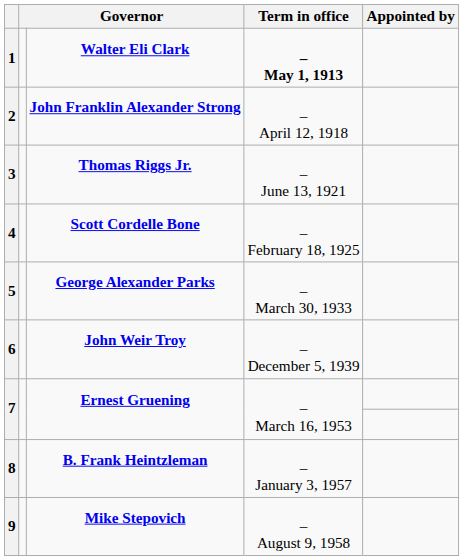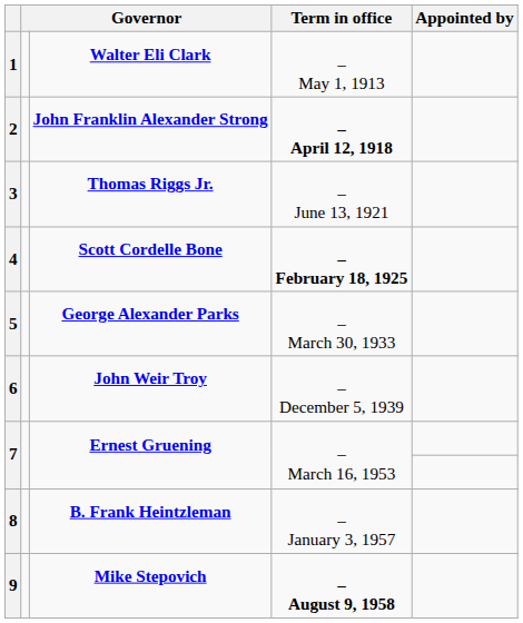 <table class="wikitable sortable mw-collapsible sticky-header-multi" style="text-align:center;">
 <tr>
 <th scope="col" data-sort-type="number"></th>
 <th scope="colgroup" colspan="2">Governor</th>
 <th scope="col">Term in office</th>
 <th scope="col">Appointed by</th>
 </tr>
 <tr style="height:2em;">
 <th scope="row">1</th>
 <td data-sort-value="Clark, Walter"></td>
 <td><strong><a href='#'>Walter Eli Clark</a></strong><br><br></td>
-<td><strong><br>–<br>May 1, 1913<br></strong></td>
+<td><br>–<br>May 1, 1913<br></td>
 <td></td>
 </tr>
 <tr style="height:2em;">
 <th scope="row">2</th>
 <td data-sort-value="Strong, John"></td>
 <td><strong><a href='#'>John Franklin Alexander Strong</a></strong><br><br></td>
-<td><br>–<br>April 12, 1918<br></td>
+<td><strong><br>–<br>April 12, 1918<br></strong></td>
 <td></td>
 </tr>
 <tr style="height:2em;">
 <th scope="row">3</th>
 <td data-sort-value="Riggs, Thomas"></td>
 <td><strong><a href='#'>Thomas Riggs Jr.</a></strong><br><br></td>
 <td><br>–<br>June 13, 1921<br></td>
 <td></td>
 </tr>
 <tr style="height:2em;">
 <th scope="row">4</th>
 <td data-sort-value="Bone, Scott"></td>
 <td><strong><a href='#'>Scott Cordelle Bone</a></strong><br><br></td>
-<td><br>–<br>February 18, 1925<br></td>
+<td><strong><br>–<br>February 18, 1925<br></strong></td>
 <td></td>
 </tr>
 <tr style="height:2em;">
 <th scope="row">5</th>
 <td data-sort-value="Parks, George"></td>
 <td><strong><a href='#'>George Alexander Parks</a></strong><br><br></td>
 <td><br>–<br>March 30, 1933<br></td>
 <td></td>
 </tr>
 <tr style="height:2em;">
 <th scope="row">6</th>
 <td data-sort-value="Troy, John"></td>
 <td><strong><a href='#'>John Weir Troy</a></strong><br><br></td>
 <td><br>–<br>December 5, 1939<br></td>
 <td></td>
 </tr>
 <tr style="height:2em;">
 <th rowspan="2" scope="rowgroup">7</th>
 <td rowspan="2" data-sort-value="Gruening, Ernest"></td>
 <td rowspan="2"><strong><a href='#'>Ernest Gruening</a></strong><br><br></td>
 <td rowspan="2"><br>–<br>March 16, 1953<br></td>
 <td></td>
 </tr>
 <tr style="height:2em;">
 <td></td>
 </tr>
 <tr style="height:2em;">
 <th scope="row">8</th>
 <td data-sort-value="Heintzleman, B. Frank"></td>
 <td><strong><a href='#'>B. Frank Heintzleman</a></strong><br><br></td>
 <td><br>–<br>January 3, 1957<br></td>
 <td></td>
 </tr>
 <tr style="height:2em;">
 <th scope="row">9</th>
 <td data-sort-value="Stepovich, Mike"></td>
 <td><strong><a href='#'>Mike Stepovich</a></strong><br><br></td>
-<td><br>–<br>August 9, 1958<br></td>
+<td><strong><br>–<br>August 9, 1958<br></strong></td>
 <td></td>
 </tr>
 </table>
